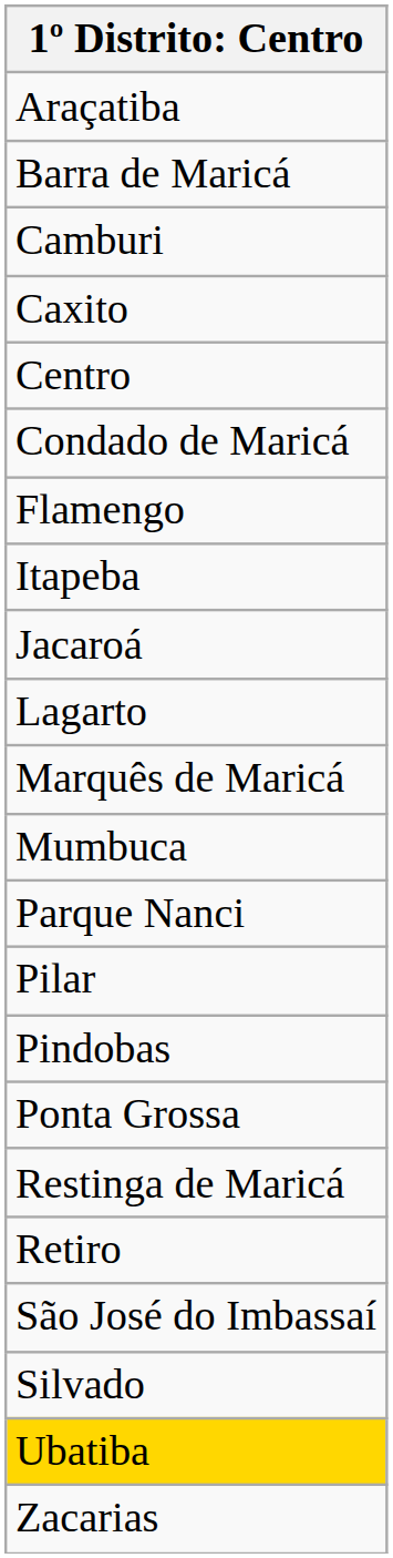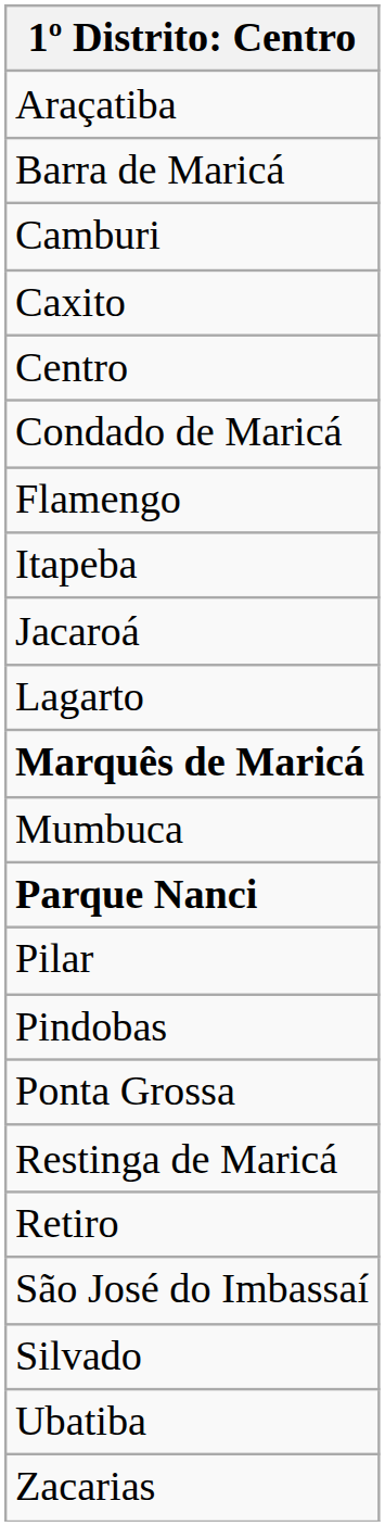 <table class="wikitable">
 <tr>
 <th><strong>1º Distrito: Centro</strong></th>
 </tr>
 <tr>
 <td>Araçatiba</td>
 </tr>
 <tr>
 <td>Barra de Maricá</td>
 </tr>
 <tr>
 <td>Camburi</td>
 </tr>
 <tr>
 <td>Caxito</td>
 </tr>
 <tr>
 <td>Centro</td>
 </tr>
 <tr>
 <td>Condado de Maricá</td>
 </tr>
 <tr>
 <td>Flamengo</td>
 </tr>
 <tr>
 <td>Itapeba</td>
 </tr>
 <tr>
 <td>Jacaroá</td>
 </tr>
 <tr>
 <td>Lagarto</td>
 </tr>
 <tr>
-<td>Marquês de Maricá</td>
+<td><strong>Marquês de Maricá</strong></td>
 </tr>
 <tr>
 <td>Mumbuca</td>
 </tr>
 <tr>
-<td>Parque Nanci</td>
+<td><strong>Parque Nanci</strong></td>
 </tr>
 <tr>
 <td>Pilar</td>
 </tr>
 <tr>
 <td>Pindobas</td>
 </tr>
 <tr>
 <td>Ponta Grossa</td>
 </tr>
 <tr>
 <td>Restinga de Maricá</td>
 </tr>
 <tr>
 <td>Retiro</td>
 </tr>
 <tr>
 <td>São José do Imbassaí</td>
 </tr>
 <tr>
 <td>Silvado</td>
 </tr>
 <tr>
-<td style="background: gold;">Ubatiba</td>
+<td>Ubatiba</td>
 </tr>
 <tr>
 <td>Zacarias</td>
 </tr>
 </table>
